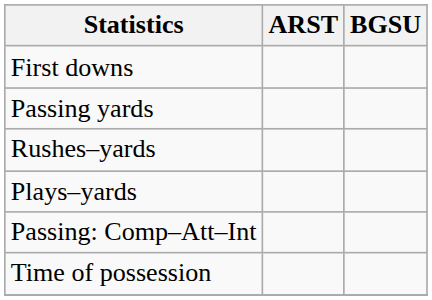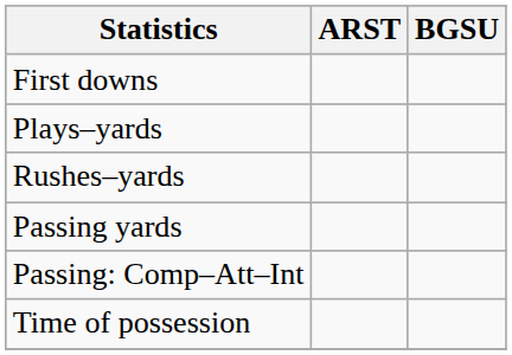 <table class="wikitable" style="float: left;">
 <tr>
 <th>Statistics</th>
 <th>ARST</th>
 <th>BGSU</th>
 </tr>
 <tr>
 <td>First downs</td>
 <td></td>
 <td></td>
 </tr>
 <tr>
-<td>Passing yards</td>
+<td>Plays–yards</td>
 <td></td>
 <td></td>
 </tr>
 <tr>
 <td>Rushes–yards</td>
 <td></td>
 <td></td>
 </tr>
 <tr>
-<td>Plays–yards</td>
+<td>Passing yards</td>
 <td></td>
 <td></td>
 </tr>
 <tr>
 <td>Passing: Comp–Att–Int</td>
 <td></td>
 <td></td>
 </tr>
 <tr>
 <td>Time of possession</td>
 <td></td>
 <td></td>
 </tr>
 <tr>
 </tr>
 </table>
